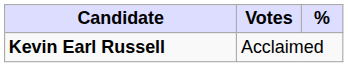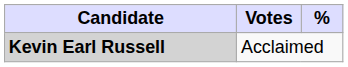 <table class="wikitable">
 <tr>
 <th style="background:#ddf; width:200px;">Candidate</th>
 <th style="background:#ddf; width:50px;">Votes</th>
 <th style="background:#ddf; width:30px;">%</th>
 </tr>
 <tr>
-<td><strong>Kevin Earl Russell</strong></td>
+<td style="background: lightgrey;"><strong>Kevin Earl Russell</strong></td>
 <td colspan="2">Acclaimed</td>
 </tr>
 </table>
